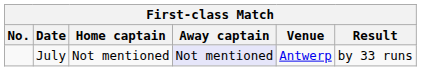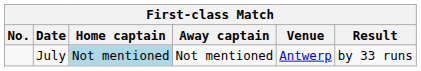 <table class="wikitable">
 <tr>
 <th colspan="9">First-class Match</th>
 </tr>
 <tr>
 <th>No.</th>
 <th>Date</th>
 <th>Home captain</th>
 <th>Away captain</th>
 <th>Venue</th>
 <th>Result</th>
 </tr>
 <tr>
 <td></td>
 <td>July</td>
+<td style="background: lightblue;">Not mentioned</td>
 <td>Not mentioned</td>
-<td style="background: lavender;">Not mentioned</td>
 <td><a href='#'>Antwerp</a></td>
 <td> by 33 runs</td>
 </tr>
 </table>
